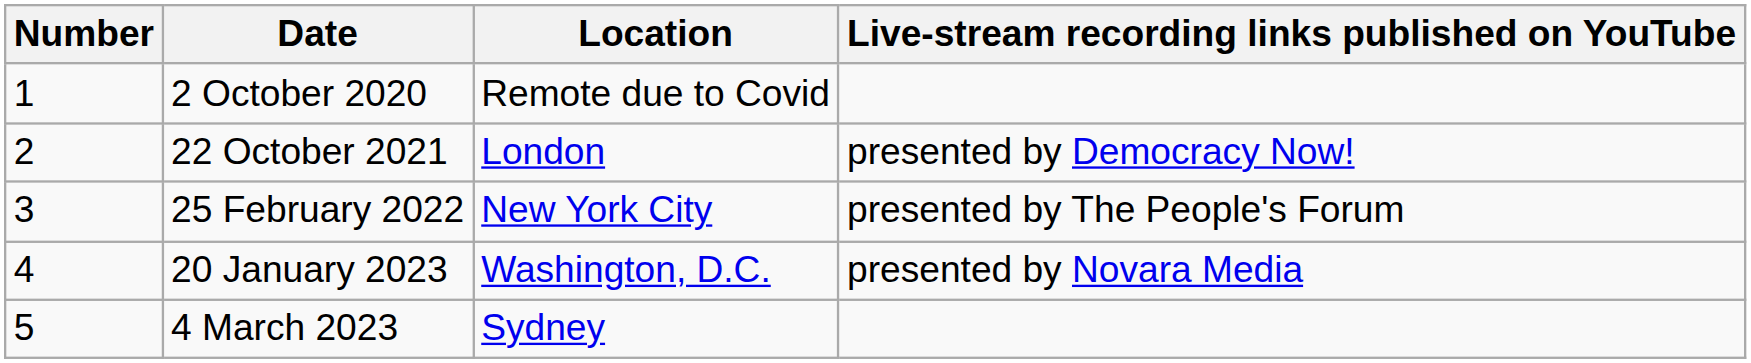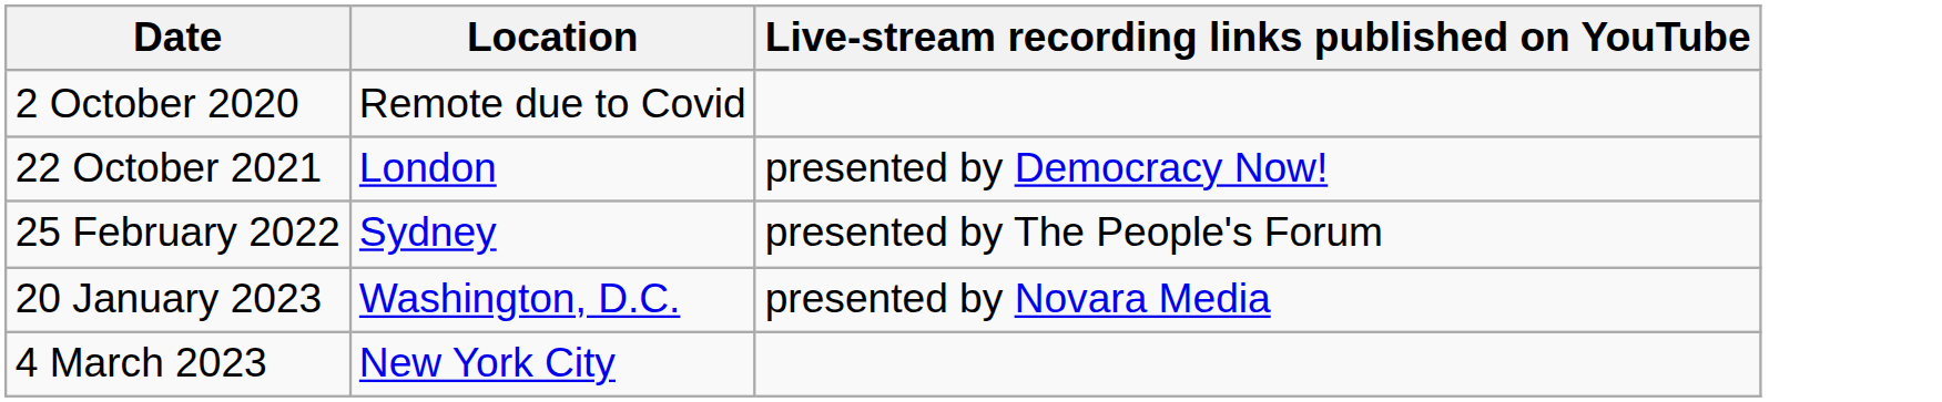 <table class="wikitable">
 <tr>
-<th style=”width: 10em;”>Number</th>
 <th>Date</th>
 <th>Location</th>
 <th>Live-stream recording links published on YouTube</th>
 </tr>
 <tr>
-<td>1</td>
 <td>2 October 2020</td>
 <td>Remote due to Covid</td>
 <td></td>
 </tr>
 <tr>
-<td>2</td>
 <td>22 October 2021</td>
 <td><a href='#'>London</a></td>
 <td> presented by <a href='#'>Democracy Now!</a></td>
 </tr>
 <tr>
-<td>3</td>
 <td>25 February 2022</td>
-<td><a href='#'>New York City</a></td>
+<td><a href='#'>Sydney</a></td>
 <td> presented by The People's Forum</td>
 </tr>
 <tr>
-<td>4</td>
 <td>20 January 2023</td>
 <td><a href='#'>Washington, D.C.</a></td>
 <td> presented by <a href='#'>Novara Media</a></td>
 </tr>
 <tr>
-<td>5</td>
 <td>4 March 2023</td>
-<td><a href='#'>Sydney</a></td>
+<td><a href='#'>New York City</a></td>
 <td></td>
 </tr>
 </table>
